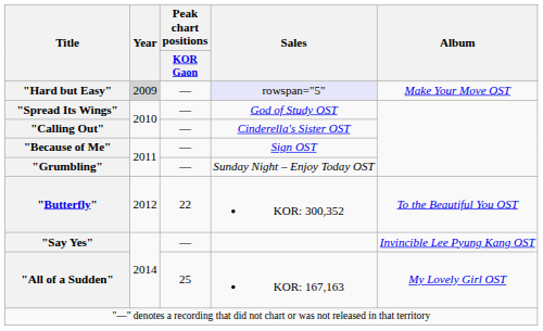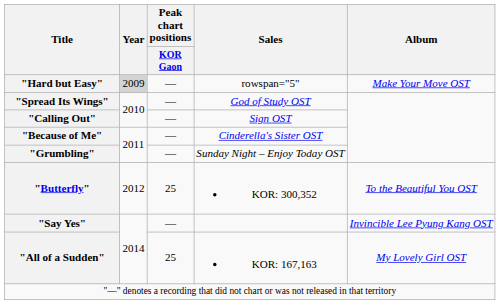 <table class="wikitable plainrowheaders" style="text-align:center">
 <tr>
 <th scope="col" rowspan="2" style="width:10em">Title</th>
 <th scope="col" rowspan="2">Year</th>
 <th scope="col">Peak chart<br>positions</th>
 <th scope="col" rowspan="2">Sales</th>
 <th scope="col" rowspan="2">Album</th>
 </tr>
 <tr>
 <th scope="col" style="font-size:90%; width:2.5em"><a href='#'>KOR<br>Gaon</a><br></th>
 </tr>
 <tr>
 <th scope="row">"Hard but Easy"<br></th>
 <td style="background: lightgrey;">2009</td>
 <td>—</td>
-<td style="background: lavender;">rowspan="5" </td>
+<td>rowspan="5" </td>
 <td><em><a href='#'>Make Your Move OST</a></em></td>
 </tr>
 <tr>
 <th scope="row">"Spread Its Wings"<br></th>
 <td rowspan="2">2010</td>
 <td>—</td>
 <td><em><a href='#'>God of Study OST</a></em></td>
 </tr>
 <tr>
 <th scope="row">"Calling Out"<br></th>
 <td>—</td>
-<td><em><a href='#'>Cinderella's Sister OST</a></em></td>
+<td><em><a href='#'>Sign OST</a></em></td>
 </tr>
 <tr>
 <th scope="row">"Because of Me"</th>
 <td rowspan="2">2011</td>
 <td>—</td>
-<td><em><a href='#'>Sign OST</a></em></td>
+<td><em><a href='#'>Cinderella's Sister OST</a></em></td>
 </tr>
 <tr>
 <th scope="row">"Grumbling"<br></th>
 <td>—</td>
 <td><em>Sunday Night – Enjoy Today OST</em></td>
 </tr>
 <tr>
 <th scope="row">"<a href='#'>Butterfly</a>"<br></th>
 <td>2012</td>
-<td>22</td>
+<td>25</td>
 <td><br><ul><li>KOR: 300,352</li></ul></td>
 <td><em><a href='#'>To the Beautiful You OST</a></em></td>
 </tr>
 <tr>
 <th scope="row">"Say Yes"<br></th>
 <td rowspan="2">2014</td>
 <td>—</td>
 <td></td>
 <td><em><a href='#'>Invincible Lee Pyung Kang OST</a></em></td>
 </tr>
 <tr>
 <th scope="row">"All of a Sudden"</th>
 <td>25</td>
 <td><br><ul><li>KOR: 167,163</li></ul></td>
 <td><em><a href='#'>My Lovely Girl OST</a></em></td>
 </tr>
 <tr>
 <td colspan="5" style="font-size:85%">"—" denotes a recording that did not chart or was not released in that territory</td>
 </tr>
 </table>
